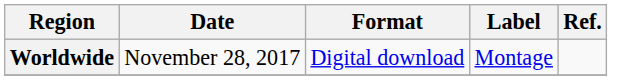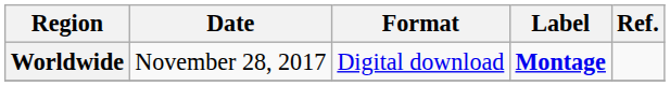 <table class="wikitable sortable plainrowheaders">
 <tr>
 <th scope="col">Region</th>
 <th scope="col">Date</th>
 <th scope="col">Format</th>
 <th scope="col">Label</th>
 <th scope="col">Ref.</th>
 </tr>
 <tr>
 <th scope="row">Worldwide</th>
 <td>November 28, 2017</td>
 <td><a href='#'>Digital download</a></td>
-<td><a href='#'>Montage</a></td>
+<td><strong><a href='#'>Montage</a></strong></td>
 <td></td>
 </tr>
 <tr>
 </tr>
 </table>
